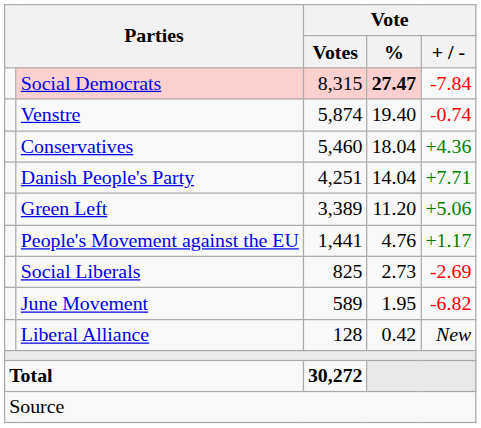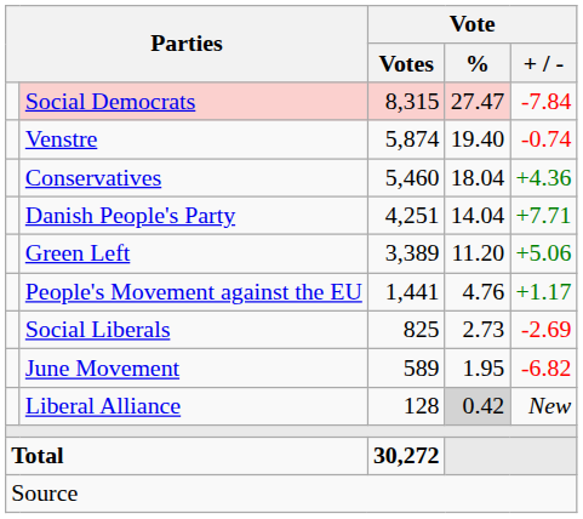 <table class="wikitable" style="text-align:right;">
 <tr>
 <th style="text-align:centre;" rowspan="2" colspan="2" width="225">Parties</th>
 <th colspan="3">Vote</th>
 </tr>
 <tr>
 <th width="15">Votes</th>
 <th width="15">%</th>
 <th width="15">+ / -</th>
 </tr>
 <tr>
 <td width="2" style="color:inherit;background:"></td>
 <td bgcolor=#fbd0ce   align="left"><a href='#'>Social Democrats</a></td>
 <td bgcolor=#fbd0ce>8,315</td>
-<td bgcolor=#fbd0ce><strong>27.47</strong></td>
+<td bgcolor=#fbd0ce>27.47</td>
 <td style=color:red;>-7.84</td>
 </tr>
 <tr>
 <td width="2" style="color:inherit;background:"></td>
 <td align="left"><a href='#'>Venstre</a></td>
 <td>5,874</td>
 <td>19.40</td>
 <td style=color:red;>-0.74</td>
 </tr>
 <tr>
 <td width="2" style="color:inherit;background:"></td>
 <td align="left"><a href='#'>Conservatives</a></td>
 <td>5,460</td>
 <td>18.04</td>
 <td style=color:green;>+4.36</td>
 </tr>
 <tr>
 <td width="2" style="color:inherit;background:"></td>
 <td align="left"><a href='#'>Danish People's Party</a></td>
 <td>4,251</td>
 <td>14.04</td>
 <td style=color:green;>+7.71</td>
 </tr>
 <tr>
 <td width="2" style="color:inherit;background:"></td>
 <td align="left"><a href='#'>Green Left</a></td>
 <td>3,389</td>
 <td>11.20</td>
 <td style=color:green;>+5.06</td>
 </tr>
 <tr>
 <td width="2" style="color:inherit;background:"></td>
 <td align="left"><a href='#'>People's Movement against the EU</a></td>
 <td>1,441</td>
 <td>4.76</td>
 <td style=color:green;>+1.17</td>
 </tr>
 <tr>
 <td width="2" style="color:inherit;background:"></td>
 <td align="left"><a href='#'>Social Liberals</a></td>
 <td>825</td>
 <td>2.73</td>
 <td style=color:red;>-2.69</td>
 </tr>
 <tr>
 <td width="2" style="color:inherit;background:"></td>
 <td align="left"><a href='#'>June Movement</a></td>
 <td>589</td>
 <td>1.95</td>
 <td style=color:red;>-6.82</td>
 </tr>
 <tr>
 <td width="2" style="color:inherit;background:"></td>
 <td align="left"><a href='#'>Liberal Alliance</a></td>
 <td>128</td>
-<td>0.42</td>
+<td style="background: lightgrey;">0.42</td>
 <td><em>New</em></td>
 </tr>
 <tr>
 <td colspan="7" bgcolor="#E9E9E9"></td>
 </tr>
 <tr>
 <td align="left" colspan="2"><strong>Total</strong></td>
 <td><strong>30,272</strong></td>
 <td bgcolor="#E9E9E9" colspan="2"></td>
 </tr>
 <tr>
 <td align="left" colspan="6">Source</td>
 </tr>
 </table>
